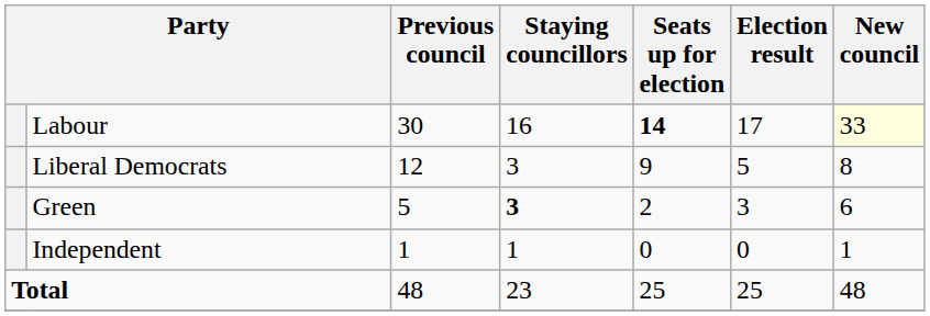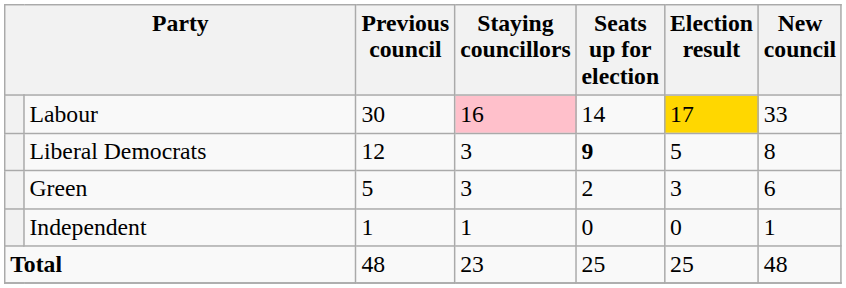 <table class="wikitable">
 <tr>
 <th valign=top colspan="2" style="width: 230px">Party</th>
 <th valign=top style="width: 30px">Previous council</th>
 <th valign=top style="width: 30px">Staying councillors</th>
 <th valign=top style="width: 30px">Seats up for election</th>
 <th valign=top style="width: 30px">Election result</th>
 <th valign=top style="width: 30px">New council</th>
 </tr>
 <tr>
 <th style="background-color: "></th>
 <td>Labour</td>
 <td>30</td>
-<td>16</td>
-<td><strong>14</strong></td>
-<td>17</td>
-<td style="background: lightyellow;">33</td>
+<td style="background: pink;">16</td>
+<td>14</td>
+<td style="background: gold;">17</td>
+<td>33</td>
 </tr>
 <tr>
 <th style="background-color: "></th>
 <td>Liberal Democrats</td>
 <td>12</td>
 <td>3</td>
-<td>9</td>
+<td><strong>9</strong></td>
 <td>5</td>
 <td>8</td>
 </tr>
 <tr>
 <th style="background-color: "></th>
 <td>Green</td>
 <td>5</td>
-<td><strong>3</strong></td>
+<td>3</td>
 <td>2</td>
 <td>3</td>
 <td>6</td>
 </tr>
 <tr>
 <th style="background-color: "></th>
 <td>Independent</td>
 <td>1</td>
 <td>1</td>
 <td>0</td>
 <td>0</td>
 <td>1</td>
 </tr>
 <tr>
 <td colspan="2"><strong>Total</strong></td>
 <td>48</td>
 <td>23</td>
 <td>25</td>
 <td>25</td>
 <td>48</td>
 </tr>
 <tr>
 </tr>
 </table>
